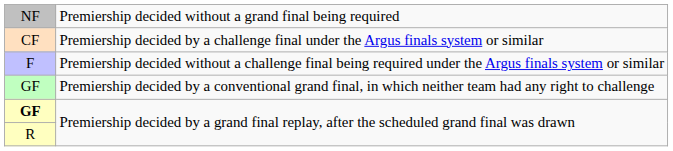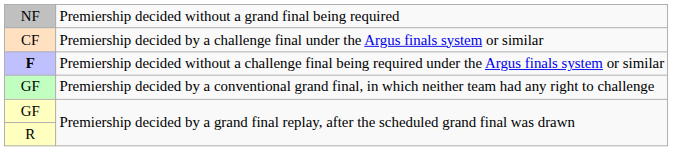 <table class="wikitable plainrowheaders" style=text-align:center>
 <tr>
 <td bgcolor=C0C0C0 style=width:3em>NF</td>
 <td align=left>Premiership decided without a grand final being required</td>
 </tr>
 <tr>
 <td bgcolor=FFE0C0 style=width:3em>CF</td>
 <td align=left>Premiership decided by a challenge final under the <a href='#'>Argus finals system</a> or similar</td>
 </tr>
 <tr>
-<td bgcolor=C0C0FF style=width:3em>F</td>
+<td bgcolor=C0C0FF style=width:3em><strong>F</strong></td>
 <td align=left>Premiership decided without a challenge final being required under the <a href='#'>Argus finals system</a> or similar</td>
 </tr>
 <tr>
 <td bgcolor=C0FFC0 style=width:3em>GF</td>
 <td align=left>Premiership decided by a conventional grand final, in which neither team had any right to challenge</td>
 </tr>
 <tr>
-<td bgcolor=FFFFC0 style=width:3em><strong>GF</strong></td>
+<td bgcolor=FFFFC0 style=width:3em>GF</td>
 <td rowspan=2 align=left>Premiership decided by a grand final replay, after the scheduled grand final was drawn</td>
 </tr>
 <tr>
 <td bgcolor=FFFFC0 style=width:3em>R</td>
 </tr>
 </table>
